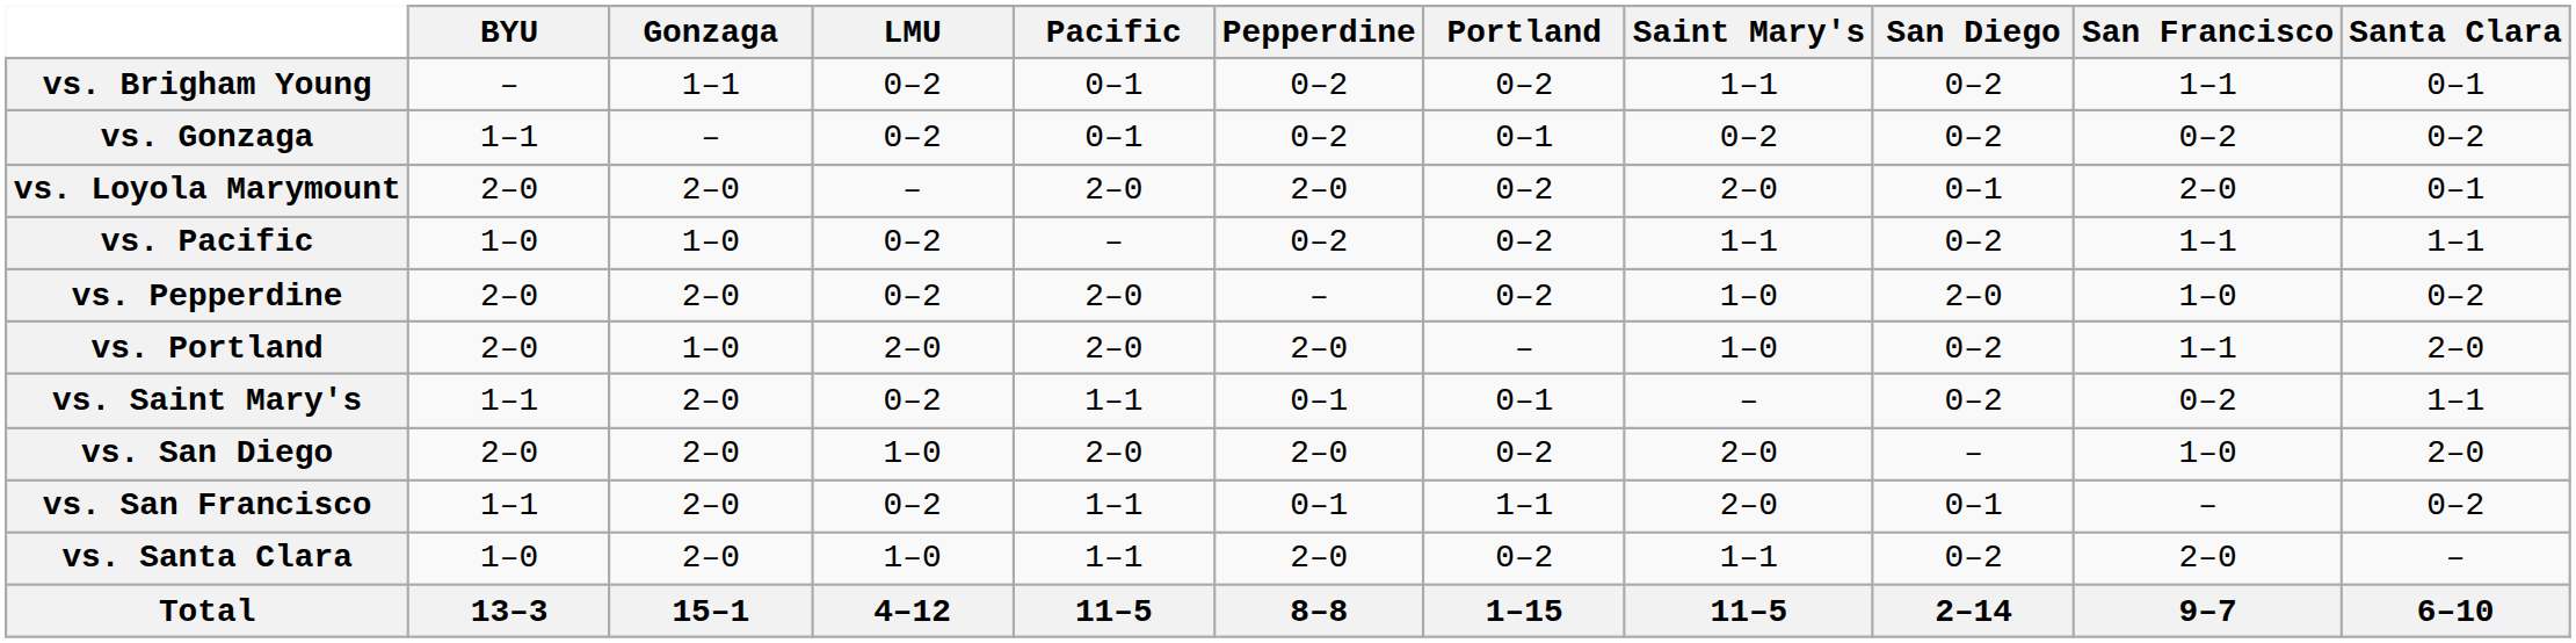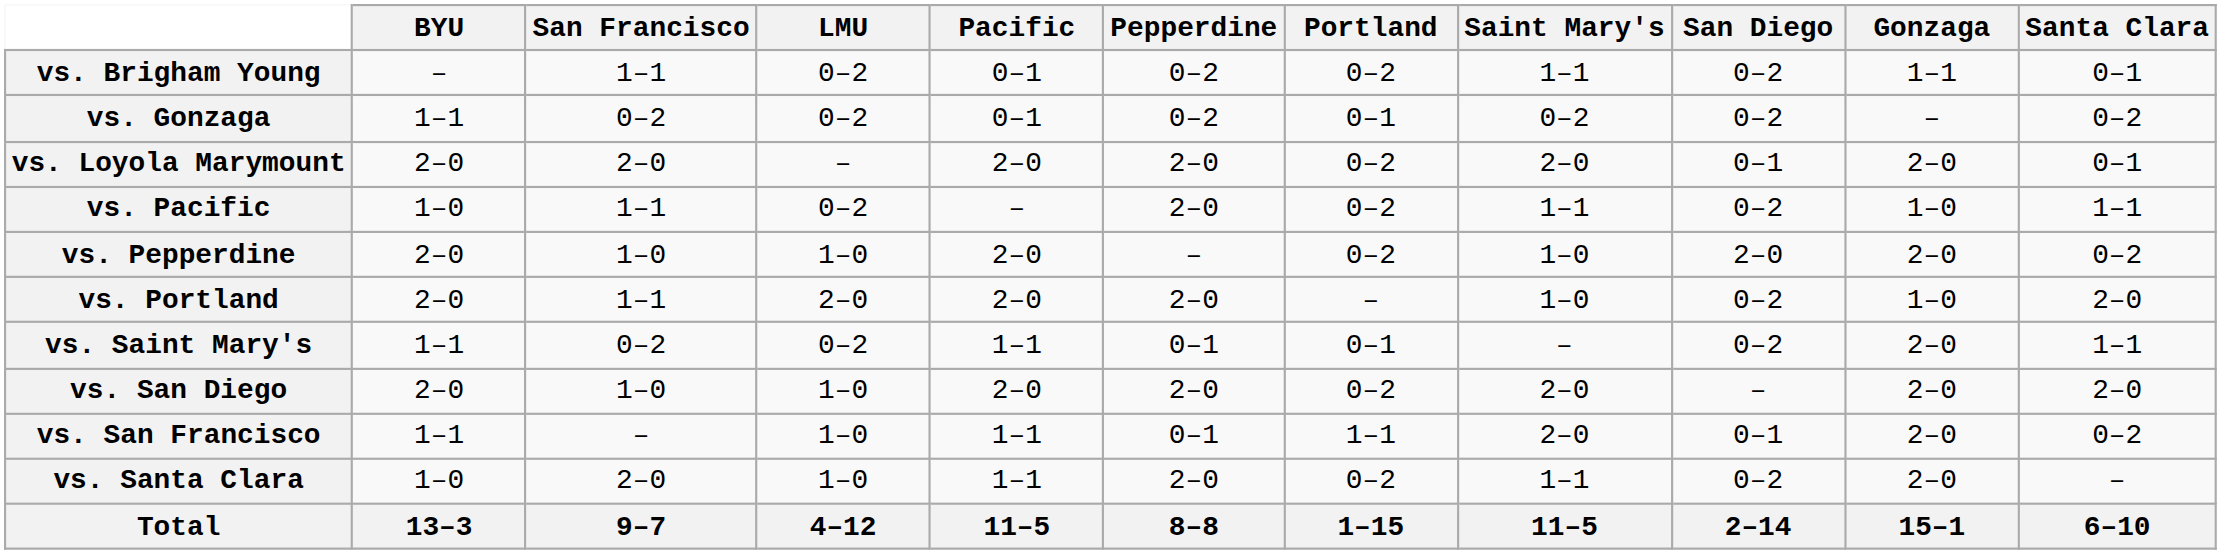 <table class="wikitable" style="white-space:nowrap;font-size:100%;">
 <tr>
 <th colspan="1" width="75" style="background:white; border-top-style:hidden; border-left-style:hidden;"> </th>
 <th width="75">BYU</th>
-<th width="75">Gonzaga</th>
+<th width="75">San Francisco</th>
 <th width="75">LMU</th>
 <th width="75">Pacific</th>
 <th width="75">Pepperdine</th>
 <th width="75">Portland</th>
 <th width="75">Saint Mary's</th>
 <th width="75">San Diego</th>
-<th width="75">San Francisco</th>
+<th width="75">Gonzaga</th>
 <th width="75">Santa Clara</th>
 </tr>
 <tr style="text-align:center;">
 <th>vs. Brigham Young</th>
 <td>–</td>
 <td>1–1</td>
 <td>0–2</td>
 <td>0–1</td>
 <td>0–2</td>
 <td>0–2</td>
 <td>1–1</td>
 <td>0–2</td>
 <td>1–1</td>
 <td>0–1</td>
 </tr>
 <tr style="text-align:center;">
 <th>vs. Gonzaga</th>
 <td>1–1</td>
-<td>–</td>
+<td>0–2</td>
 <td>0–2</td>
 <td>0–1</td>
 <td>0–2</td>
 <td>0–1</td>
 <td>0–2</td>
 <td>0–2</td>
-<td>0–2</td>
+<td>–</td>
 <td>0–2</td>
 </tr>
 <tr style="text-align:center;">
 <th>vs. Loyola Marymount</th>
 <td>2–0</td>
 <td>2–0</td>
 <td>–</td>
 <td>2–0</td>
 <td>2–0</td>
 <td>0–2</td>
 <td>2–0</td>
 <td>0–1</td>
 <td>2–0</td>
 <td>0–1</td>
 </tr>
 <tr style="text-align:center;">
 <th>vs. Pacific</th>
 <td>1–0</td>
-<td>1–0</td>
+<td>1–1</td>
 <td>0–2</td>
 <td>–</td>
-<td>0–2</td>
+<td>2–0</td>
 <td>0–2</td>
 <td>1–1</td>
 <td>0–2</td>
-<td>1–1</td>
+<td>1–0</td>
 <td>1–1</td>
 </tr>
 <tr style="text-align:center;">
 <th>vs. Pepperdine</th>
 <td>2–0</td>
-<td>2–0</td>
-<td>0–2</td>
+<td>1–0</td>
+<td>1–0</td>
 <td>2–0</td>
 <td>–</td>
 <td>0–2</td>
 <td>1–0</td>
 <td>2–0</td>
-<td>1–0</td>
+<td>2–0</td>
 <td>0–2</td>
 </tr>
 <tr style="text-align:center;">
 <th>vs. Portland</th>
 <td>2–0</td>
-<td>1–0</td>
+<td>1–1</td>
 <td>2–0</td>
 <td>2–0</td>
 <td>2–0</td>
 <td>–</td>
 <td>1–0</td>
 <td>0–2</td>
-<td>1–1</td>
+<td>1–0</td>
 <td>2–0</td>
 </tr>
 <tr style="text-align:center;">
 <th>vs. Saint Mary's</th>
 <td>1–1</td>
-<td>2–0</td>
+<td>0–2</td>
 <td>0–2</td>
 <td>1–1</td>
 <td>0–1</td>
 <td>0–1</td>
 <td>–</td>
 <td>0–2</td>
-<td>0–2</td>
+<td>2–0</td>
 <td>1–1</td>
 </tr>
 <tr style="text-align:center;">
 <th>vs. San Diego</th>
 <td>2–0</td>
-<td>2–0</td>
+<td>1–0</td>
 <td>1–0</td>
 <td>2–0</td>
 <td>2–0</td>
 <td>0–2</td>
 <td>2–0</td>
 <td>–</td>
-<td>1–0</td>
+<td>2–0</td>
 <td>2–0</td>
 </tr>
 <tr style="text-align:center;">
 <th>vs. San Francisco</th>
 <td>1–1</td>
-<td>2–0</td>
-<td>0–2</td>
+<td>–</td>
+<td>1–0</td>
 <td>1–1</td>
 <td>0–1</td>
 <td>1–1</td>
 <td>2–0</td>
 <td>0–1</td>
-<td>–</td>
+<td>2–0</td>
 <td>0–2</td>
 </tr>
 <tr style="text-align:center;">
 <th>vs. Santa Clara</th>
 <td>1–0</td>
 <td>2–0</td>
 <td>1–0</td>
 <td>1–1</td>
 <td>2–0</td>
 <td>0–2</td>
 <td>1–1</td>
 <td>0–2</td>
 <td>2–0</td>
 <td>–</td>
 </tr>
 <tr style="text-align:center;">
 <th>Total</th>
 <th>13–3</th>
-<th>15–1</th>
+<th>9–7</th>
 <th>4–12</th>
 <th>11–5</th>
 <th>8–8</th>
 <th>1–15</th>
 <th>11–5</th>
 <th>2–14</th>
-<th>9–7</th>
+<th>15–1</th>
 <th>6–10</th>
 </tr>
 </table>
